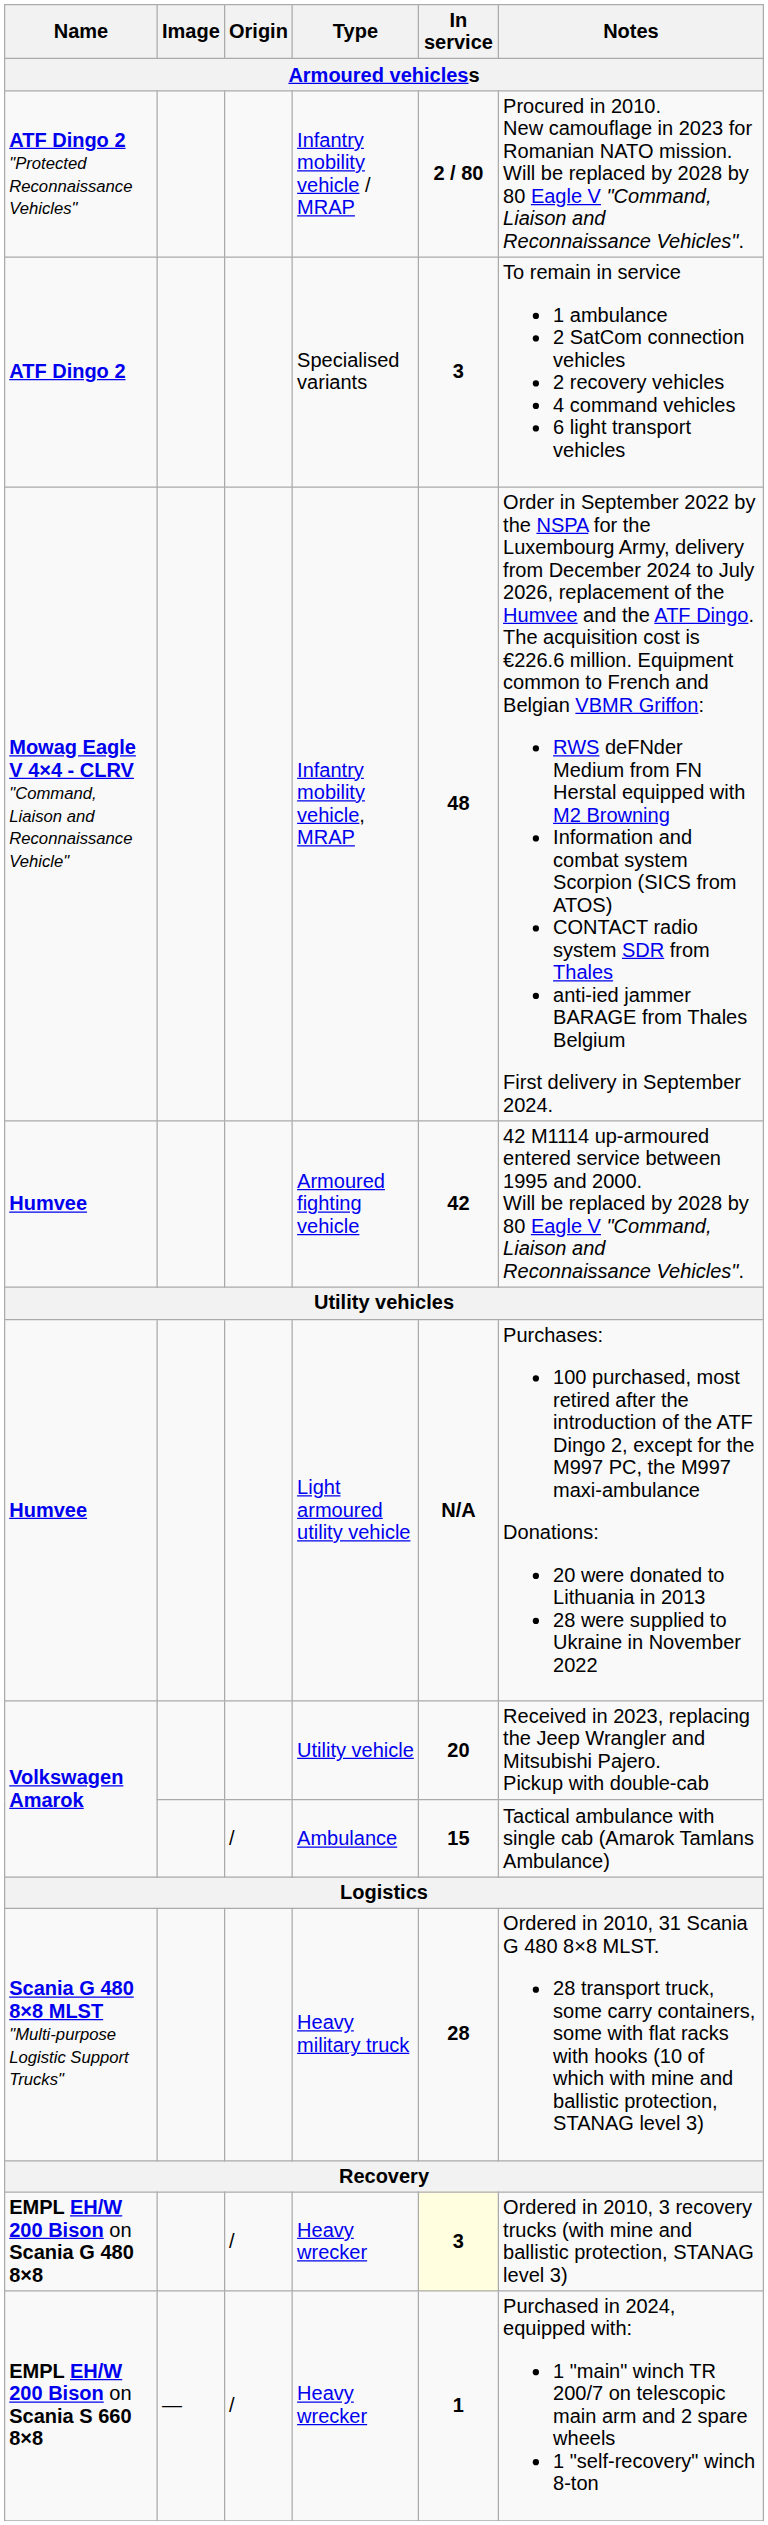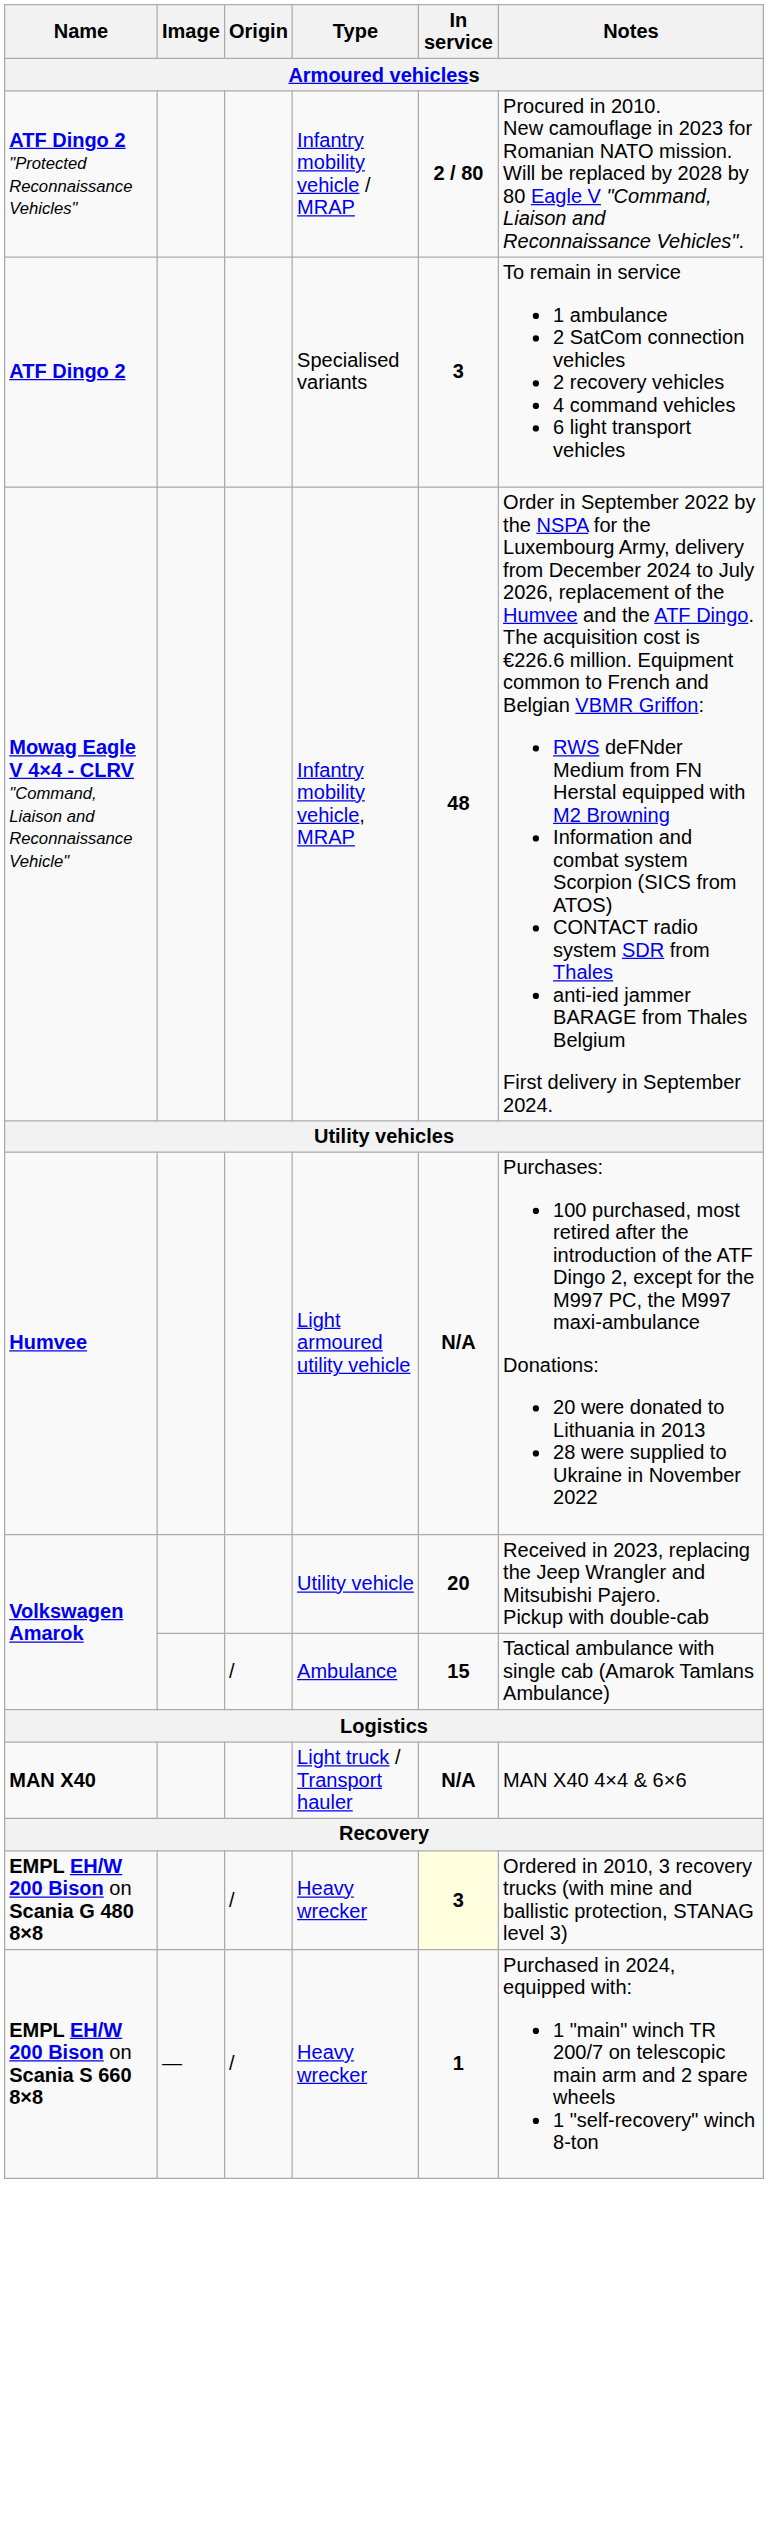 <table class="wikitable">
 <tr>
 <th style="text-align:center;">Name</th>
 <th>Image</th>
 <th style="text-align: center;">Origin</th>
 <th style="text-align:l center;">Type</th>
 <th style="text-align:l center;">In service</th>
 <th style="text-align: center;">Notes</th>
 </tr>
 <tr>
 <th colspan="6"><a href='#'>Armoured vehicles</a>s</th>
 </tr>
 <tr>
 <td><a href='#'><strong>ATF Dingo 2</strong></a><br><em><small>"Protected Reconnaissance Vehicles"</small></em></td>
 <td></td>
 <td></td>
 <td><a href='#'>Infantry mobility vehicle</a>  /<br><a href='#'>MRAP</a></td>
 <td style="text-align:center;"><strong>2 / 80</strong><br></td>
 <td>Procured in 2010.<br>New camouflage in 2023 for Romanian NATO mission.<br>Will be replaced by 2028 by 80 <a href='#'>Eagle V</a> <em>"Command, Liaison and Reconnaissance Vehicles"</em>.</td>
 </tr>
 <tr>
 <td><a href='#'><strong>ATF Dingo 2</strong></a></td>
 <td></td>
 <td></td>
 <td>Specialised variants</td>
 <td style="text-align:center;"><strong>3</strong><br><small></small></td>
 <td>To remain in service <br><ul><li>1 ambulance</li><li>2 SatCom connection vehicles</li><li>2 recovery vehicles</li><li>4 command vehicles</li><li>6 light transport vehicles</li></ul></td>
 </tr>
 <tr>
 <td><a href='#'><strong>Mowag Eagle V 4×4 - CLRV</strong></a><br><em><small>"Command, Liaison and Reconnaissance Vehicle"</small></em></td>
 <td></td>
 <td></td>
 <td><a href='#'>Infantry mobility vehicle</a>, <a href='#'>MRAP</a></td>
 <td style="text-align:center;"><strong>48</strong><br><small></small></td>
 <td>Order in September 2022 by the <a href='#'>NSPA</a> for the Luxembourg Army, delivery from December 2024 to July 2026, replacement of the <a href='#'>Humvee</a> and the <a href='#'>ATF Dingo</a>.<br>The acquisition cost is €226.6 million. Equipment common to French and Belgian <a href='#'>VBMR Griffon</a>:<ul><li><a href='#'>RWS</a> deFNder Medium from FN Herstal equipped with <a href='#'>M2 Browning</a></li><li>Information and combat system Scorpion (SICS from ATOS)</li><li>CONTACT radio system <a href='#'>SDR</a> from <a href='#'>Thales</a></li><li>anti-ied jammer BARAGE from Thales Belgium</li></ul>First delivery in September 2024.</td>
 </tr>
 <tr>
-<td><strong><a href='#'>Humvee</a></strong></td>
-<td></td>
-<td></td>
-<td><a href='#'>Armoured fighting vehicle</a></td>
-<td style="text-align:center;"><strong>42</strong><br><small></small></td>
-<td>42 M1114 up-armoured entered service between 1995 and 2000.<br>Will be replaced by 2028 by 80 <a href='#'>Eagle V</a> <em>"Command, Liaison and Reconnaissance Vehicles"</em>.</td>
-</tr>
-<tr>
 <th colspan="6">Utility vehicles</th>
 </tr>
 <tr>
 <td><strong><a href='#'>Humvee</a></strong></td>
 <td></td>
 <td></td>
 <td><a href='#'>Light armoured utility vehicle</a></td>
 <td style="text-align:center;"><strong>N/A</strong></td>
 <td>Purchases:<br><ul><li>100 purchased, most retired after the introduction of the ATF Dingo 2, except for the M997 PC, the M997 maxi-ambulance </li></ul>Donations:<ul><li>20 were donated to Lithuania in 2013 </li><li>28 were supplied to Ukraine in November 2022</li></ul></td>
 </tr>
 <tr>
 <td rowspan="2"><strong><a href='#'>Volkswagen Amarok</a></strong></td>
 <td></td>
 <td></td>
 <td><a href='#'>Utility vehicle</a></td>
 <td style="text-align:center;"><strong>20</strong><br><small></small></td>
 <td>Received in 2023, replacing the Jeep Wrangler and Mitsubishi Pajero.<br>Pickup with double-cab</td>
 </tr>
 <tr>
 <td></td>
 <td> /<br></td>
 <td><a href='#'>Ambulance</a></td>
 <td style="text-align:center;"><strong>15</strong><br><small></small></td>
 <td>Tactical ambulance with single  cab (Amarok Tamlans Ambulance)</td>
 </tr>
 <tr>
 <th colspan="6">Logistics</th>
 </tr>
 <tr>
-<td><a href='#'><strong>Scania G 480 8×8 MLST</strong></a><br><em><small>"Multi-purpose Logistic Support Trucks"</small></em></td>
+<td><strong>MAN X40</strong></td>
 <td></td>
 <td></td>
-<td><a href='#'>Heavy military truck</a></td>
-<td style="text-align:center;"><strong>28</strong><br><small></small></td>
-<td>Ordered in 2010, 31 Scania G 480 8×8 MLST.<br><ul><li>28 transport truck, some carry containers, some with flat racks with hooks (10 of which with mine and ballistic protection, STANAG level 3)</li></ul></td>
+<td><a href='#'>Light truck</a> /<br><a href='#'>Transport hauler</a></td>
+<td style="text-align:center;"><strong>N/A</strong></td>
+<td>MAN X40 4×4 & 6×6</td>
 </tr>
 <tr>
 <th colspan="6">Recovery</th>
 </tr>
 <tr>
 <td><strong>EMPL <a href='#'>EH/W 200 Bison</a></strong> on<br><strong>Scania G 480 8×8</strong></td>
 <td></td>
 <td> /<br></td>
 <td><a href='#'>Heavy wrecker</a></td>
 <td style="background: lightyellow; text-align:center;"><strong>3</strong></td>
 <td>Ordered in 2010, 3 recovery trucks (with mine and ballistic protection, STANAG level 3)</td>
 </tr>
 <tr>
 <td><strong>EMPL <a href='#'>EH/W 200 Bison</a></strong> on<br><strong>Scania S 660 8×8</strong></td>
 <td>—</td>
 <td> /<br></td>
 <td><a href='#'>Heavy wrecker</a></td>
 <td style="text-align:center;"><strong>1</strong></td>
 <td>Purchased in 2024, equipped with:<br><ul><li>1 "main" winch TR 200/7 on telescopic main arm and 2 spare wheels</li><li>1 "self-recovery" winch 8-ton</li></ul></td>
 </tr>
 </table>
